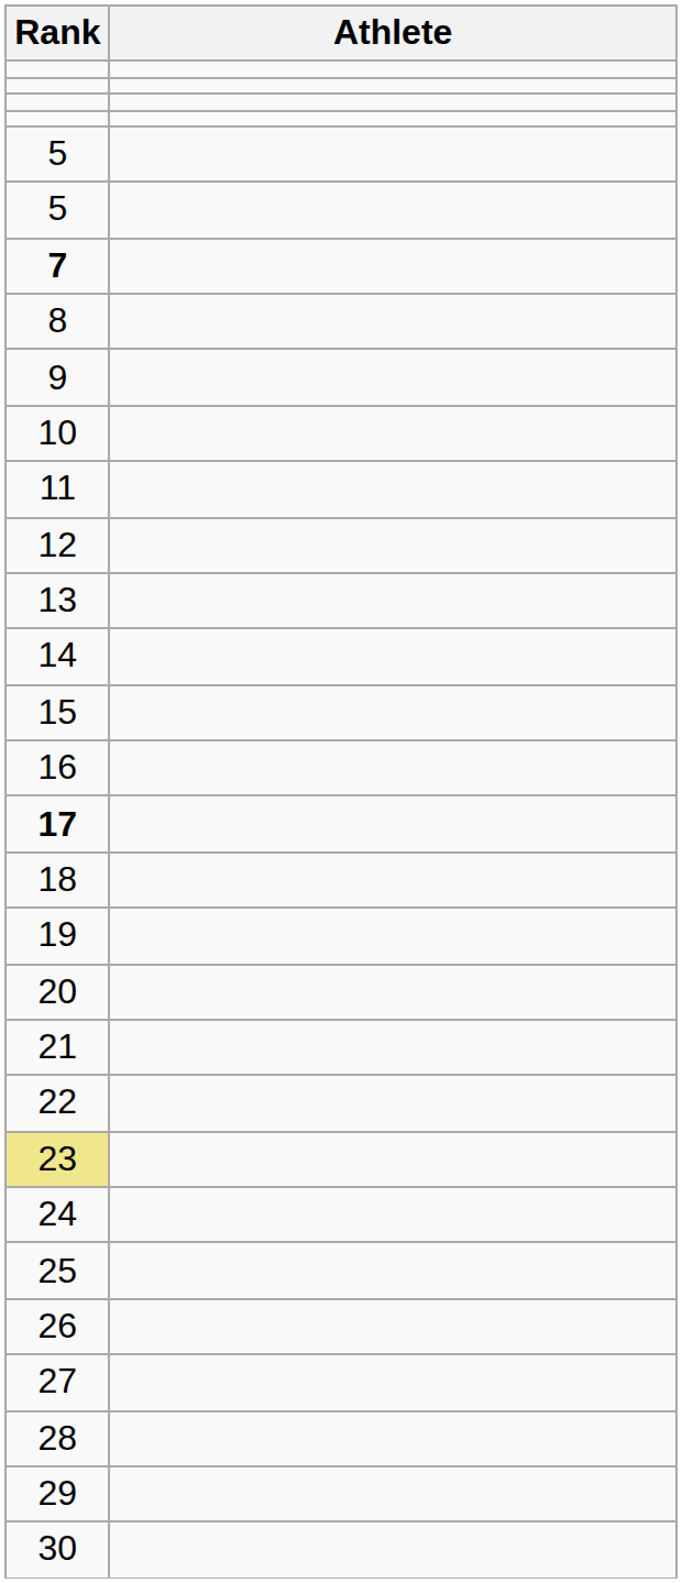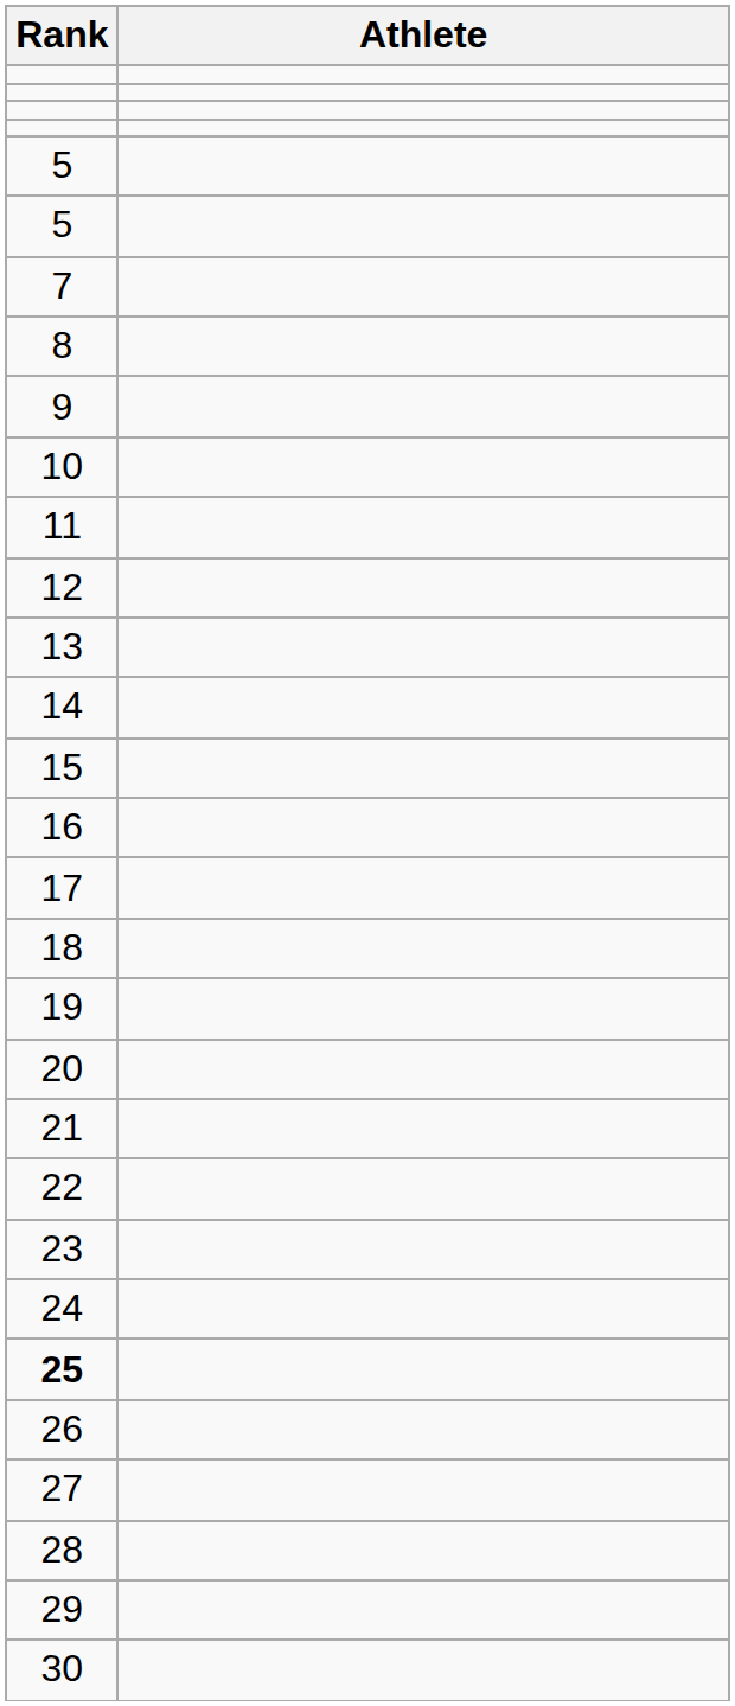 <table class="wikitable" style="text-align: center;">
 <tr>
 <th width=40>Rank</th>
 <th width=250>Athlete</th>
 </tr>
 <tr>
 <td></td>
 <td align="left"></td>
 </tr>
 <tr>
 <td></td>
 <td align="left"></td>
 </tr>
 <tr>
 <td></td>
 <td align="left"></td>
 </tr>
 <tr>
 <td></td>
 <td align="left"></td>
 </tr>
 <tr>
 <td>5</td>
 <td align="left"></td>
 </tr>
 <tr>
 <td>5</td>
 <td align="left"></td>
 </tr>
 <tr>
-<td><strong>7</strong></td>
+<td>7</td>
 <td align="left"></td>
 </tr>
 <tr>
 <td>8</td>
 <td align="left"></td>
 </tr>
 <tr>
 <td>9</td>
 <td align="left"></td>
 </tr>
 <tr>
 <td>10</td>
 <td align="left"></td>
 </tr>
 <tr>
 <td>11</td>
 <td align="left"></td>
 </tr>
 <tr>
 <td>12</td>
 <td align="left"></td>
 </tr>
 <tr>
 <td>13</td>
 <td align="left"></td>
 </tr>
 <tr>
 <td>14</td>
 <td align="left"></td>
 </tr>
 <tr>
 <td>15</td>
 <td align="left"></td>
 </tr>
 <tr>
 <td>16</td>
 <td align="left"></td>
 </tr>
 <tr>
-<td><strong>17</strong></td>
+<td>17</td>
 <td align="left"></td>
 </tr>
 <tr>
 <td>18</td>
 <td align="left"></td>
 </tr>
 <tr>
 <td>19</td>
 <td align="left"></td>
 </tr>
 <tr>
 <td>20</td>
 <td align="left"></td>
 </tr>
 <tr>
 <td>21</td>
 <td align="left"></td>
 </tr>
 <tr>
 <td>22</td>
 <td align="left"></td>
 </tr>
 <tr>
-<td style="background: khaki;">23</td>
+<td>23</td>
 <td align="left"></td>
 </tr>
 <tr>
 <td>24</td>
 <td align="left"></td>
 </tr>
 <tr>
-<td>25</td>
+<td><strong>25</strong></td>
 <td align="left"></td>
 </tr>
 <tr>
 <td>26</td>
 <td align="left"></td>
 </tr>
 <tr>
 <td>27</td>
 <td align="left"></td>
 </tr>
 <tr>
 <td>28</td>
 <td align="left"></td>
 </tr>
 <tr>
 <td>29</td>
 <td align="left"></td>
 </tr>
 <tr>
 <td>30</td>
 <td align="left"></td>
 </tr>
 </table>
